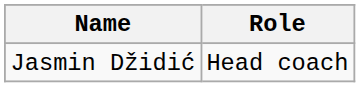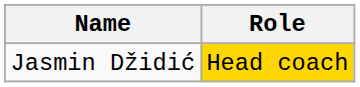 <table class="wikitable">
 <tr>
 <th>Name</th>
 <th>Role</th>
 </tr>
 <tr>
 <td> Jasmin Džidić</td>
-<td>Head coach</td>
+<td style="background: gold;">Head coach</td>
 </tr>
 </table>
